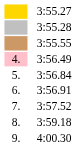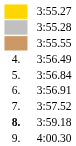 <table style="text-align:center">
 <tr>
 <td width=30 bgcolor=gold></td>
 <td align=left></td>
 <td width=60>3:55.27</td>
 </tr>
 <tr>
 <td bgcolor=silver></td>
 <td align=left></td>
 <td>3:55.28</td>
 </tr>
 <tr>
 <td bgcolor=cc9966></td>
 <td align=left></td>
 <td>3:55.55</td>
 </tr>
 <tr>
-<td style="background: pink;">4.</td>
+<td>4.</td>
 <td align=left></td>
 <td>3:56.49</td>
 </tr>
 <tr>
 <td>5.</td>
 <td align=left></td>
 <td>3:56.84</td>
 </tr>
 <tr>
 <td>6.</td>
 <td align=left></td>
 <td>3:56.91</td>
 </tr>
 <tr>
 <td>7.</td>
 <td align=left></td>
 <td>3:57.52</td>
 </tr>
 <tr>
-<td>8.</td>
+<td><strong>8.</strong></td>
 <td align=left></td>
 <td>3:59.18</td>
 </tr>
 <tr>
 <td>9.</td>
 <td align=left></td>
 <td>4:00.30</td>
 </tr>
 </table>
